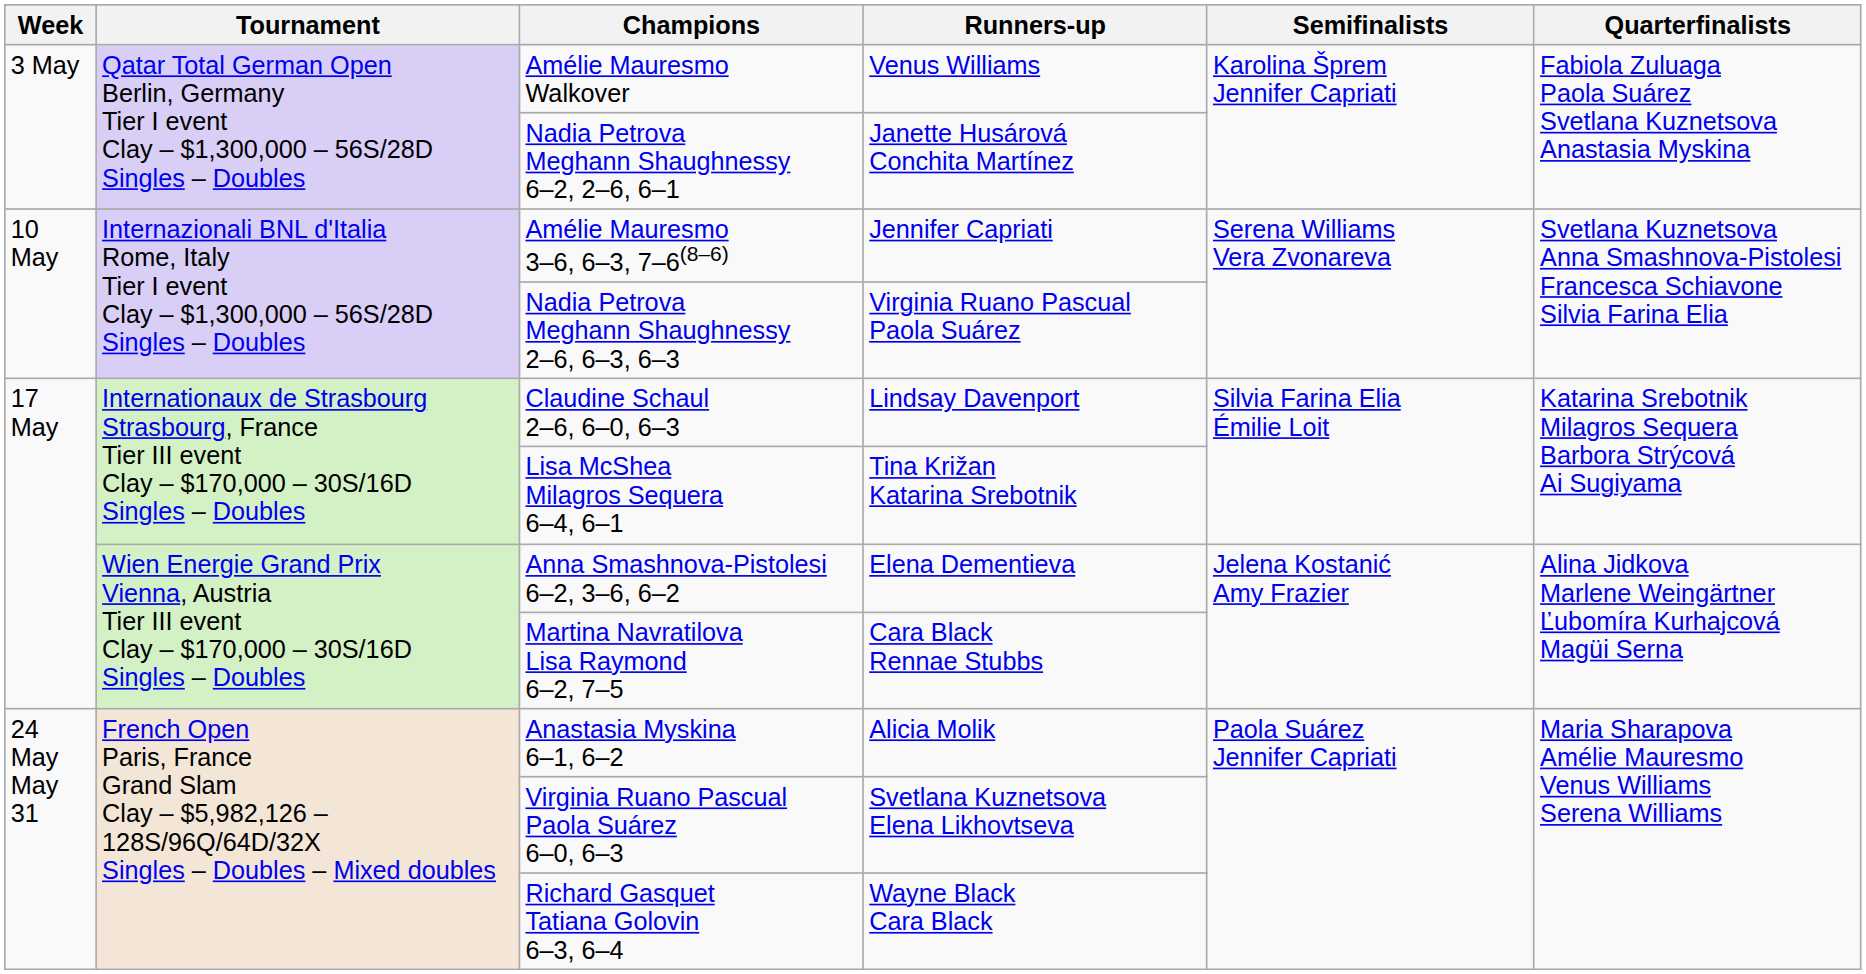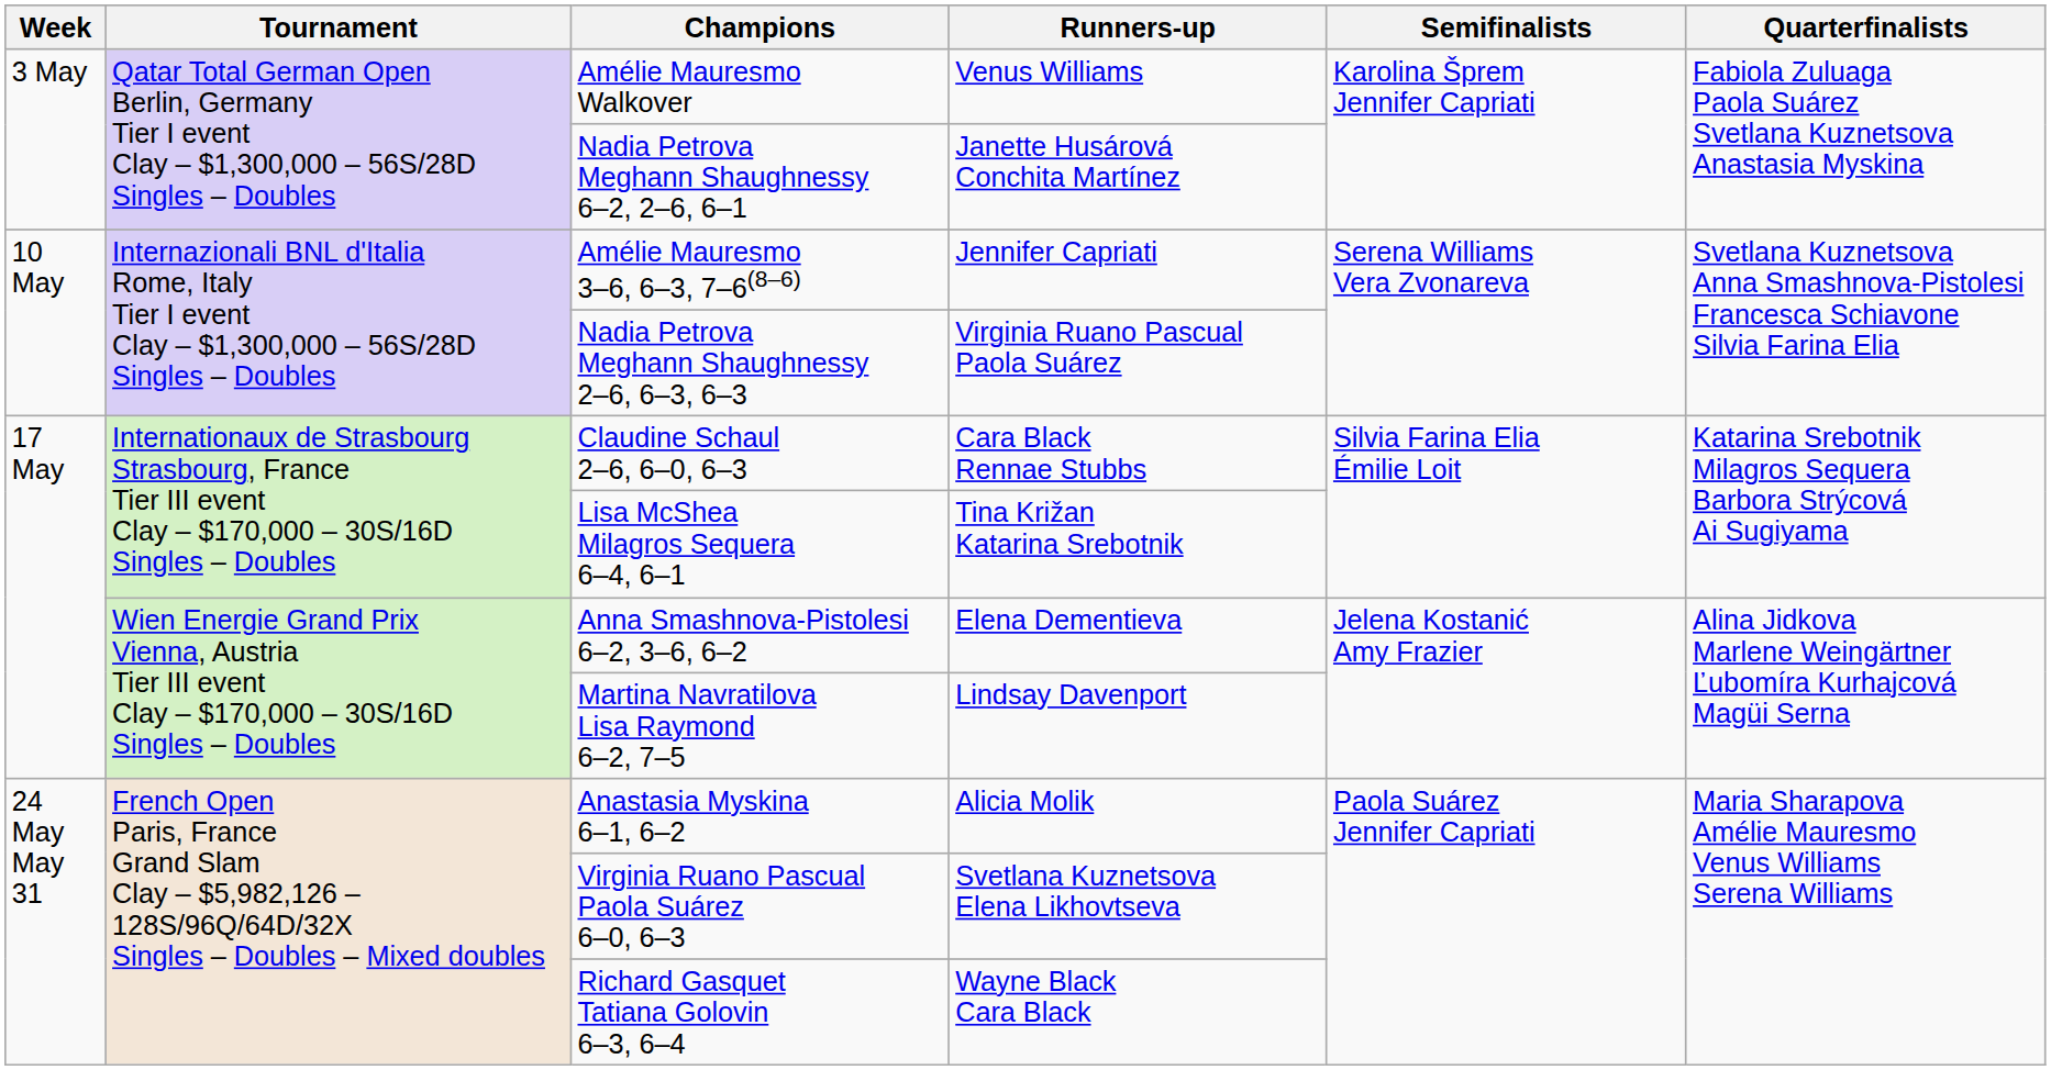 <table class=wikitable style=font-size:95%>
 <tr>
 <th style="width:48px;">Week</th>
 <th style="width:248px;">Tournament</th>
 <th style="width:200px;">Champions</th>
 <th style="width:200px;">Runners-up</th>
 <th style="width:190px;">Semifinalists</th>
 <th style="width:190px;">Quarterfinalists</th>
 </tr>
 <tr valign="top">
 <td rowspan=2>3 May</td>
 <td rowspan=2 style="background:#d8cef6;"><a href='#'>Qatar Total German Open</a><br> Berlin, Germany <br>Tier I event <br> Clay – $1,300,000 – 56S/28D<br><a href='#'>Singles</a> – <a href='#'>Doubles</a></td>
 <td> <a href='#'>Amélie Mauresmo</a> <br> Walkover</td>
 <td> <a href='#'>Venus Williams</a></td>
 <td rowspan=2> <a href='#'>Karolina Šprem</a><br> <a href='#'>Jennifer Capriati</a></td>
 <td rowspan=2> <a href='#'>Fabiola Zuluaga</a>  <br>  <a href='#'>Paola Suárez</a> <br> <a href='#'>Svetlana Kuznetsova</a><br>   <a href='#'>Anastasia Myskina</a></td>
 </tr>
 <tr valign="top">
 <td> <a href='#'>Nadia Petrova</a> <br>  <a href='#'>Meghann Shaughnessy</a><br>6–2, 2–6, 6–1</td>
 <td> <a href='#'>Janette Husárová</a> <br>  <a href='#'>Conchita Martínez</a></td>
 </tr>
 <tr valign="top">
 <td rowspan=2>10 May</td>
 <td rowspan=2 style="background:#d8cef6;"><a href='#'>Internazionali BNL d'Italia</a><br> Rome, Italy <br>Tier I event <br> Clay – $1,300,000 – 56S/28D<br><a href='#'>Singles</a> – <a href='#'>Doubles</a></td>
 <td> <a href='#'>Amélie Mauresmo</a> <br> 3–6, 6–3, 7–6<sup>(8–6)</sup></td>
 <td> <a href='#'>Jennifer Capriati</a></td>
 <td rowspan=2> <a href='#'>Serena Williams</a><br> <a href='#'>Vera Zvonareva</a></td>
 <td rowspan=2> <a href='#'>Svetlana Kuznetsova</a>  <br>  <a href='#'>Anna Smashnova-Pistolesi</a> <br> <a href='#'>Francesca Schiavone</a><br>   <a href='#'>Silvia Farina Elia</a></td>
 </tr>
 <tr valign="top">
 <td> <a href='#'>Nadia Petrova</a> <br>  <a href='#'>Meghann Shaughnessy</a><br>2–6, 6–3, 6–3</td>
 <td> <a href='#'>Virginia Ruano Pascual</a> <br>  <a href='#'>Paola Suárez</a></td>
 </tr>
 <tr valign="top">
 <td rowspan=4>17 May</td>
 <td rowspan=2 style="background:#d4f1c5;"><a href='#'>Internationaux de Strasbourg</a><br> <a href='#'>Strasbourg</a>, France <br>Tier III event <br> Clay – $170,000 – 30S/16D<br><a href='#'>Singles</a> – <a href='#'>Doubles</a></td>
 <td> <a href='#'>Claudine Schaul</a> <br> 2–6, 6–0, 6–3</td>
-<td> <a href='#'>Lindsay Davenport</a></td>
+<td> <a href='#'>Cara Black</a> <br>  <a href='#'>Rennae Stubbs</a></td>
 <td rowspan=2> <a href='#'>Silvia Farina Elia</a><br> <a href='#'>Émilie Loit</a></td>
 <td rowspan=2> <a href='#'>Katarina Srebotnik</a>  <br>  <a href='#'>Milagros Sequera</a> <br> <a href='#'>Barbora Strýcová</a><br>   <a href='#'>Ai Sugiyama</a></td>
 </tr>
 <tr valign="top">
 <td> <a href='#'>Lisa McShea</a> <br>  <a href='#'>Milagros Sequera</a><br>6–4, 6–1</td>
 <td> <a href='#'>Tina Križan</a> <br>  <a href='#'>Katarina Srebotnik</a></td>
 </tr>
 <tr valign="top">
 <td rowspan=2 style="background:#d4f1c5;"><a href='#'>Wien Energie Grand Prix</a><br> <a href='#'>Vienna</a>, Austria <br>Tier III event <br> Clay – $170,000 – 30S/16D<br><a href='#'>Singles</a> – <a href='#'>Doubles</a></td>
 <td> <a href='#'>Anna Smashnova-Pistolesi</a> <br> 6–2, 3–6, 6–2</td>
 <td> <a href='#'>Elena Dementieva</a></td>
 <td rowspan=2> <a href='#'>Jelena Kostanić</a><br> <a href='#'>Amy Frazier</a></td>
 <td rowspan=2> <a href='#'>Alina Jidkova</a>  <br>  <a href='#'>Marlene Weingärtner</a> <br> <a href='#'>Ľubomíra Kurhajcová</a><br>   <a href='#'>Magüi Serna</a></td>
 </tr>
 <tr valign="top">
 <td> <a href='#'>Martina Navratilova</a> <br>  <a href='#'>Lisa Raymond</a><br>6–2, 7–5</td>
-<td> <a href='#'>Cara Black</a> <br>  <a href='#'>Rennae Stubbs</a></td>
+<td> <a href='#'>Lindsay Davenport</a></td>
 </tr>
 <tr valign="top">
 <td rowspan=3>24 May<br>May 31</td>
 <td rowspan=3 bgcolor=#F3E6D7><a href='#'>French Open</a><br>  Paris, France <br>Grand Slam<br>Clay – $5,982,126 – 128S/96Q/64D/32X<br><a href='#'>Singles</a> – <a href='#'>Doubles</a> – <a href='#'>Mixed doubles</a></td>
 <td> <a href='#'>Anastasia Myskina</a> <br> 6–1, 6–2</td>
 <td> <a href='#'>Alicia Molik</a></td>
 <td rowspan=3> <a href='#'>Paola Suárez</a><br> <a href='#'>Jennifer Capriati</a></td>
 <td rowspan=3> <a href='#'>Maria Sharapova</a>  <br>  <a href='#'>Amélie Mauresmo</a> <br> <a href='#'>Venus Williams</a><br>   <a href='#'>Serena Williams</a></td>
 </tr>
 <tr valign="top">
 <td> <a href='#'>Virginia Ruano Pascual</a> <br>  <a href='#'>Paola Suárez</a><br>6–0, 6–3</td>
 <td> <a href='#'>Svetlana Kuznetsova</a> <br>  <a href='#'>Elena Likhovtseva</a></td>
 </tr>
 <tr valign="top">
 <td> <a href='#'>Richard Gasquet</a> <br>  <a href='#'>Tatiana Golovin</a><br>6–3, 6–4</td>
 <td> <a href='#'>Wayne Black</a> <br>  <a href='#'>Cara Black</a></td>
 </tr>
 </table>
